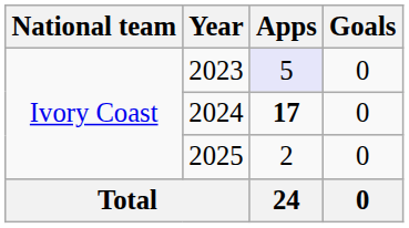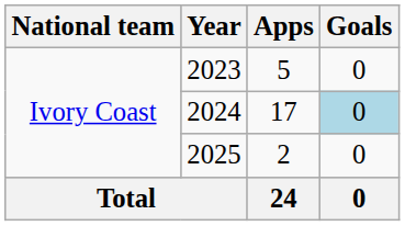 <table class="wikitable" style="text-align: center;">
 <tr>
 <th>National team</th>
 <th>Year</th>
 <th>Apps</th>
 <th>Goals</th>
 </tr>
 <tr>
 <td rowspan="3"><a href='#'>Ivory Coast</a></td>
 <td>2023</td>
-<td style="background: lavender;">5</td>
+<td>5</td>
 <td>0</td>
 </tr>
 <tr>
 <td>2024</td>
-<td><strong>17</strong></td>
-<td>0</td>
+<td>17</td>
+<td style="background: lightblue;">0</td>
 </tr>
 <tr>
 <td>2025</td>
 <td>2</td>
 <td>0</td>
 </tr>
 <tr>
 <th colspan="2">Total</th>
 <th>24</th>
 <th>0</th>
 </tr>
 </table>
